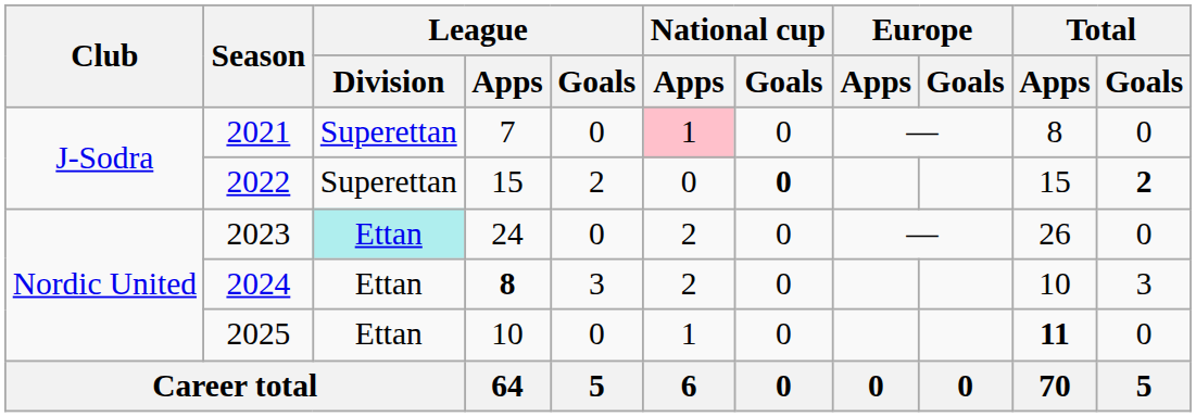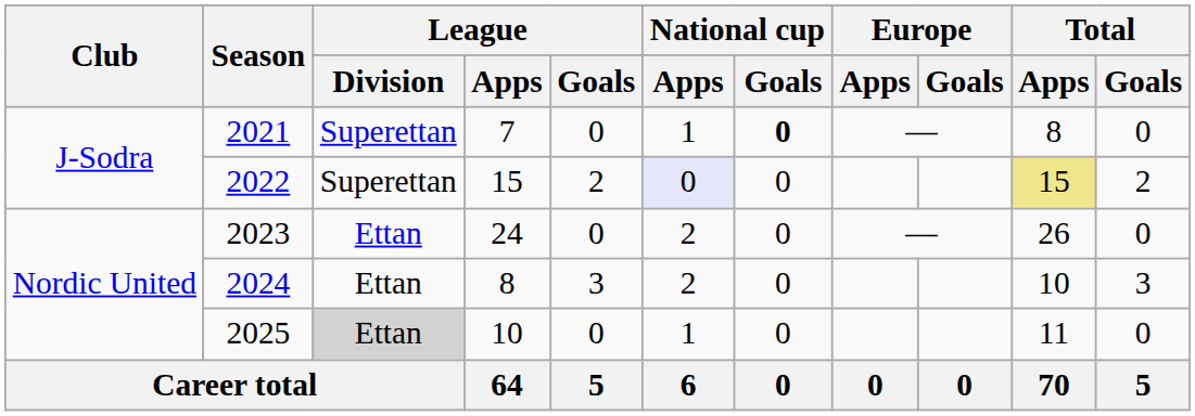 <table class="wikitable" style="text-align:center">
 <tr>
 <th rowspan="2">Club</th>
 <th rowspan="2">Season</th>
 <th colspan="3">League</th>
 <th colspan="2">National cup</th>
 <th colspan="2">Europe</th>
 <th colspan="2">Total</th>
 </tr>
 <tr>
 <th>Division</th>
 <th>Apps</th>
 <th>Goals</th>
 <th>Apps</th>
 <th>Goals</th>
 <th>Apps</th>
 <th>Goals</th>
 <th>Apps</th>
 <th>Goals</th>
 </tr>
 <tr>
 <td rowspan="2"><a href='#'>J-Sodra</a></td>
 <td><a href='#'>2021</a></td>
 <td><a href='#'>Superettan</a></td>
 <td>7</td>
 <td>0</td>
-<td style="background: pink;">1</td>
-<td>0</td>
+<td>1</td>
+<td><strong>0</strong></td>
 <td colspan="2">—</td>
 <td>8</td>
 <td>0</td>
 </tr>
 <tr>
 <td><a href='#'>2022</a></td>
 <td>Superettan</td>
 <td>15</td>
 <td>2</td>
+<td style="background: lavender;">0</td>
 <td>0</td>
-<td><strong>0</strong></td>
 <td></td>
 <td></td>
-<td>15</td>
-<td><strong>2</strong></td>
+<td style="background: khaki;">15</td>
+<td>2</td>
 </tr>
 <tr>
 <td rowspan="3"><a href='#'>Nordic United</a></td>
 <td>2023</td>
-<td style="background: paleturquoise;"><a href='#'>Ettan</a></td>
+<td><a href='#'>Ettan</a></td>
 <td>24</td>
 <td>0</td>
 <td>2</td>
 <td>0</td>
 <td colspan="2">—</td>
 <td>26</td>
 <td>0</td>
 </tr>
 <tr>
 <td><a href='#'>2024</a></td>
 <td>Ettan</td>
-<td><strong>8</strong></td>
+<td>8</td>
 <td>3</td>
 <td>2</td>
 <td>0</td>
 <td></td>
 <td></td>
 <td>10</td>
 <td>3</td>
 </tr>
 <tr>
 <td>2025</td>
-<td>Ettan</td>
+<td style="background: lightgrey;">Ettan</td>
 <td>10</td>
 <td>0</td>
 <td>1</td>
 <td>0</td>
 <td></td>
 <td></td>
-<td><strong>11</strong></td>
+<td>11</td>
 <td>0</td>
 </tr>
 <tr>
 <th colspan="3">Career total</th>
 <th>64</th>
 <th>5</th>
 <th>6</th>
 <th>0</th>
 <th>0</th>
 <th>0</th>
 <th>70</th>
 <th>5</th>
 </tr>
 </table>
